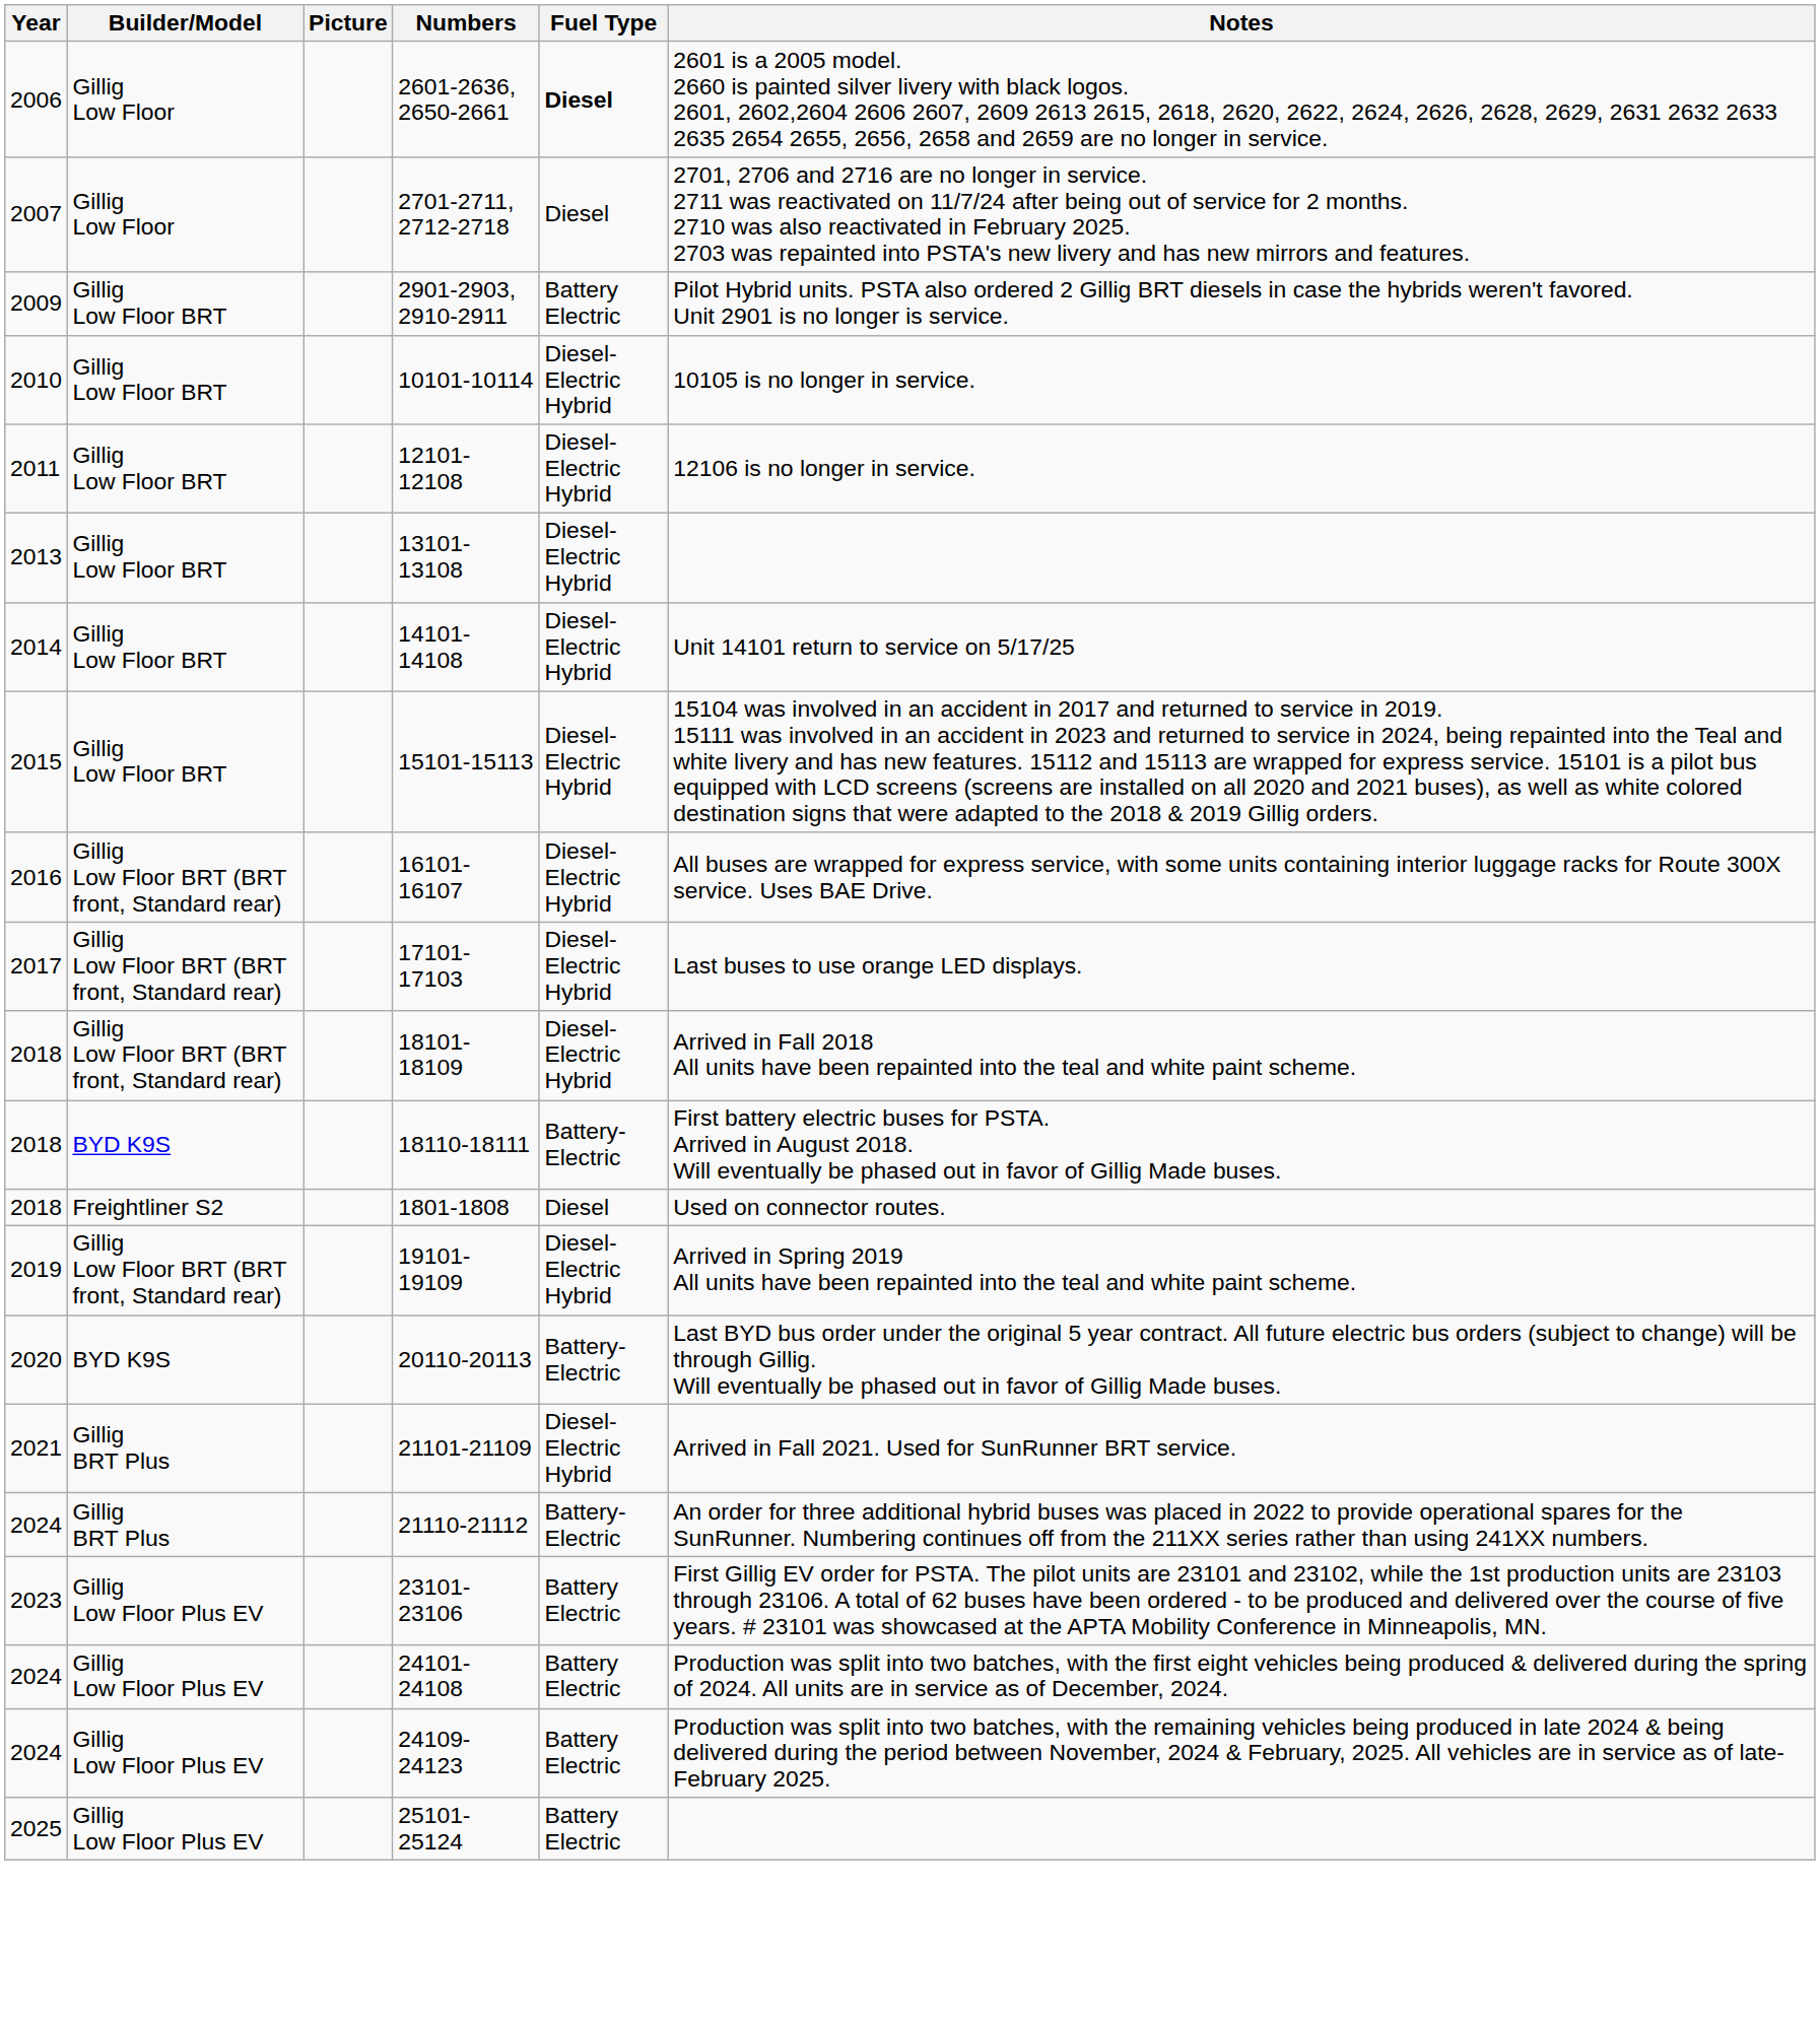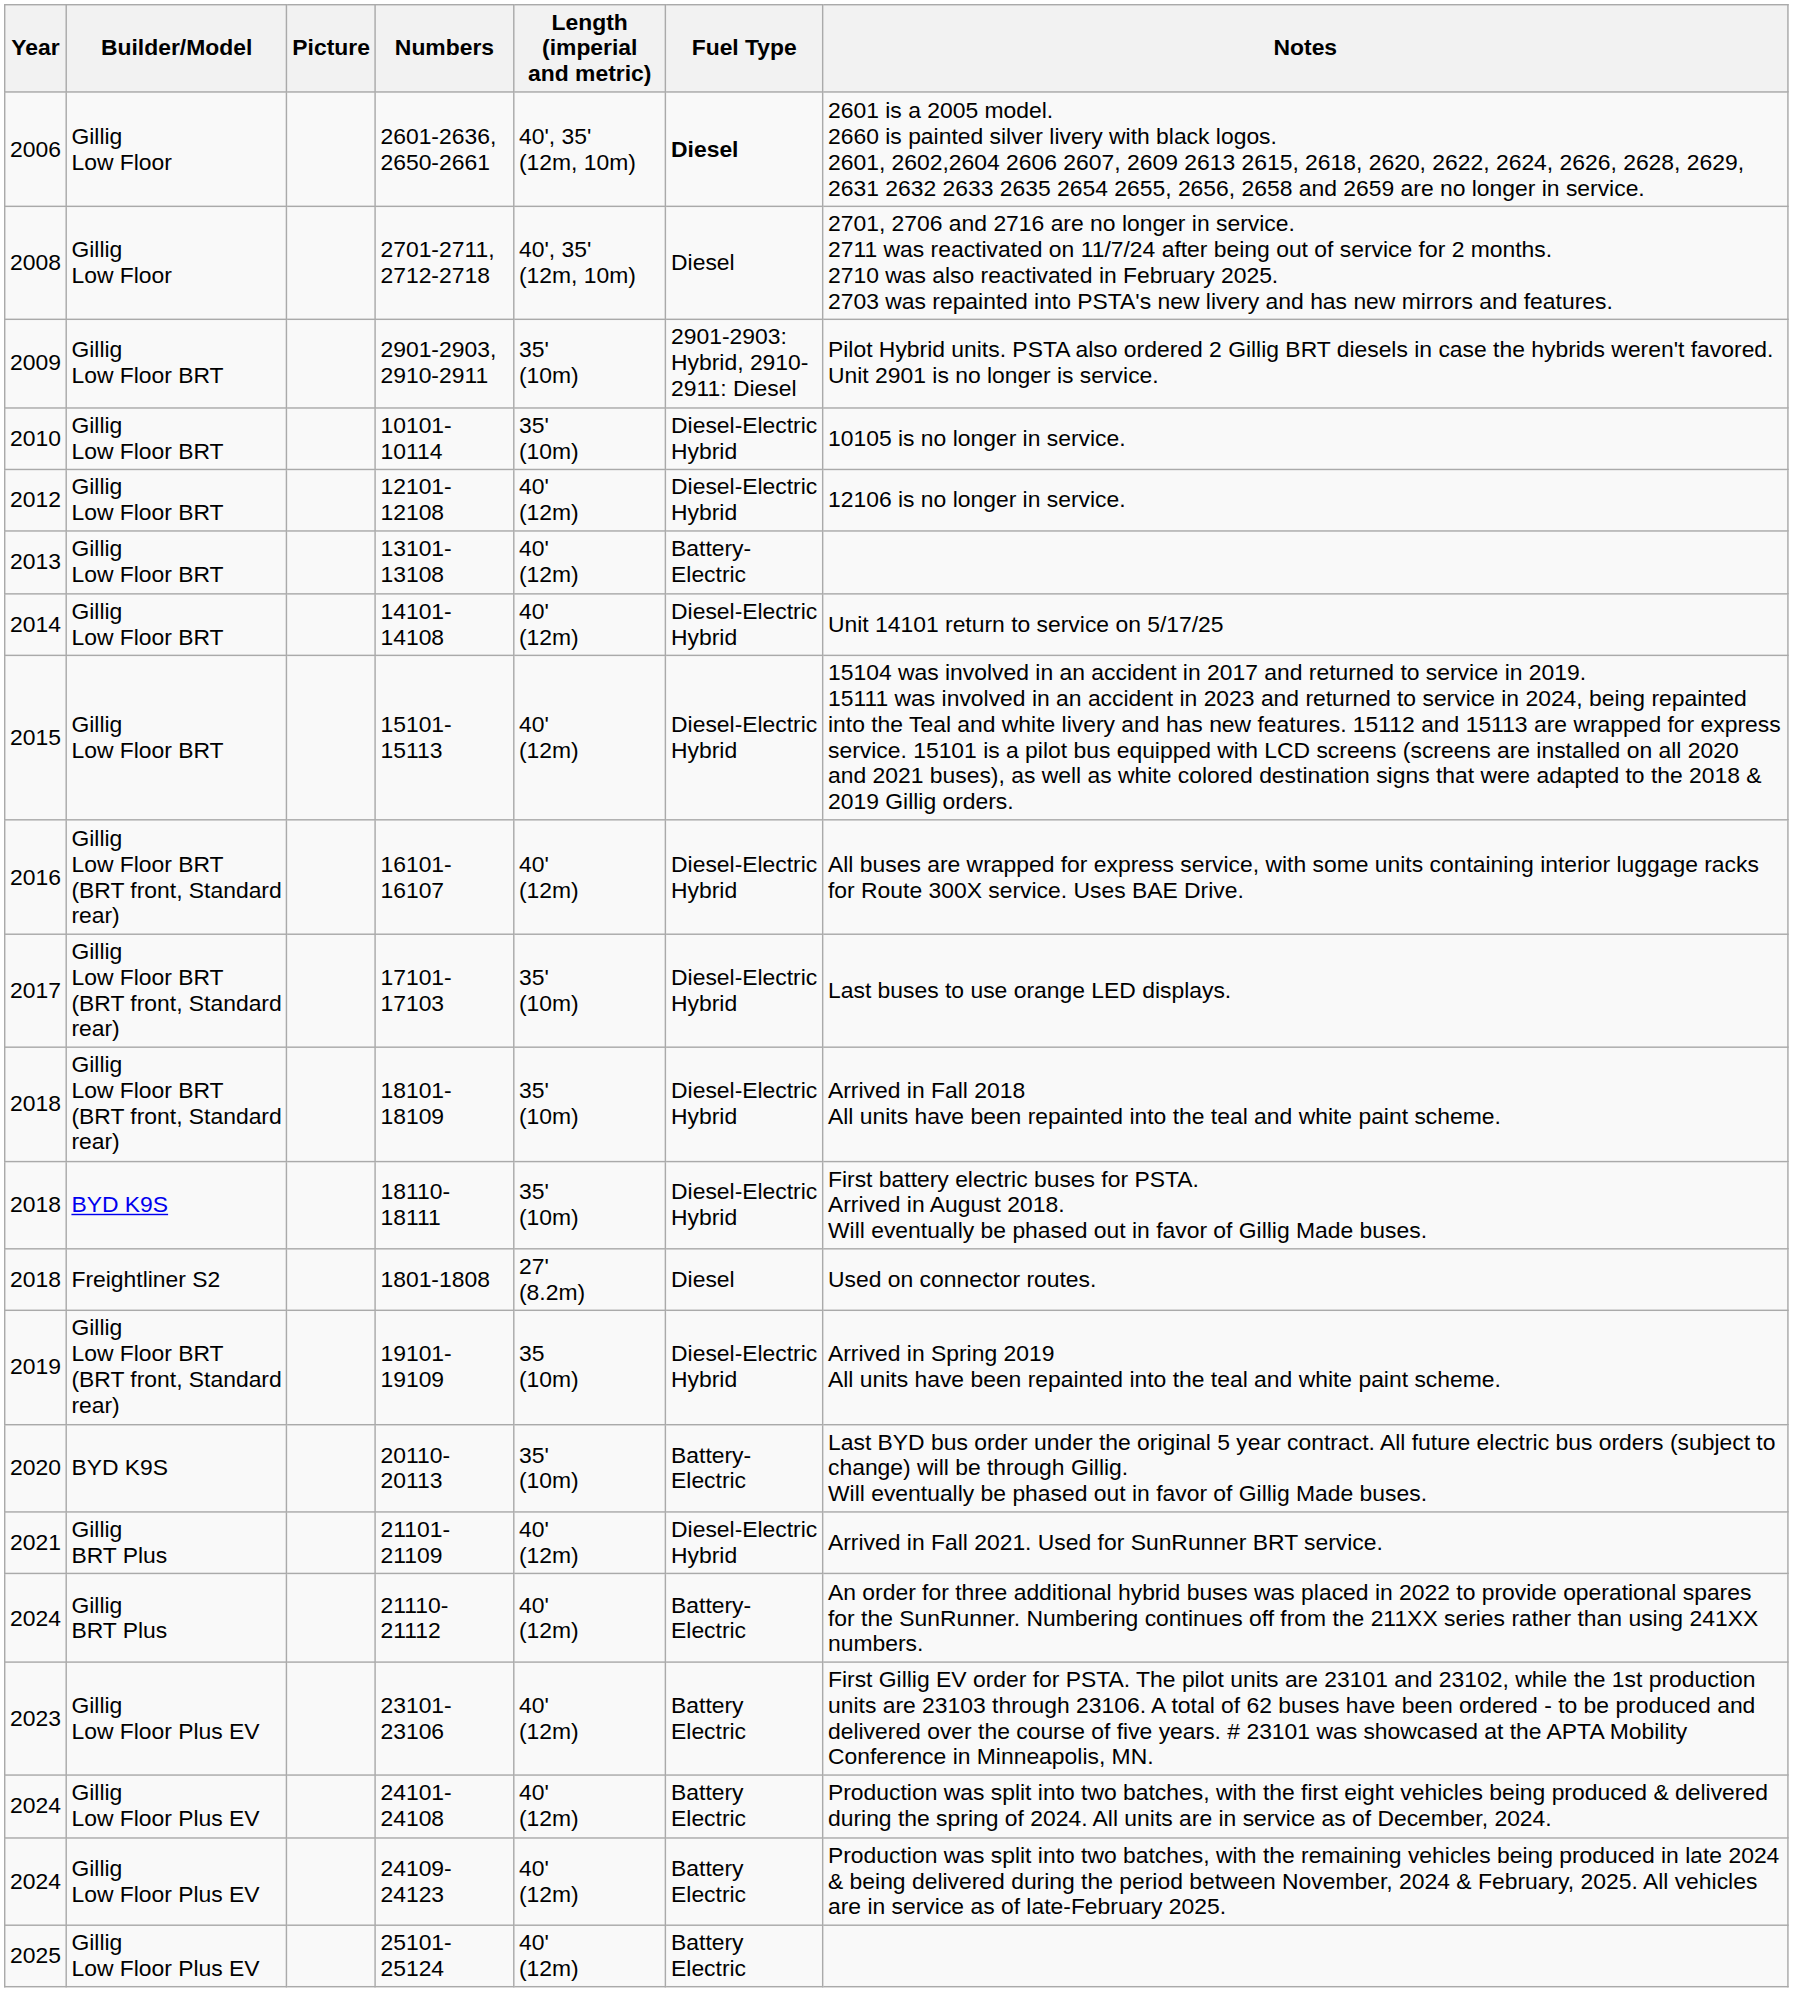 <table class="wikitable">
 <tr>
 <th><strong>Year</strong></th>
 <th><strong>Builder/Model</strong></th>
 <th><strong>Picture</strong></th>
 <th><strong>Numbers</strong></th>
+<th>Length (imperial and metric)</th>
 <th>Fuel Type</th>
 <th><strong>Notes</strong></th>
 </tr>
 <tr>
 <td>2006</td>
 <td>Gillig<br>Low Floor</td>
 <td></td>
 <td>2601-2636, 2650-2661</td>
+<td>40', 35'<br>(12m, 10m)</td>
 <td><strong>Diesel</strong></td>
 <td>2601 is a 2005 model.<br>2660 is painted silver livery with black logos.<br>2601, 2602,2604 2606 2607, 2609 2613 2615, 2618, 2620, 2622, 2624, 2626, 2628, 2629, 2631 2632 2633 2635 2654 2655, 2656, 2658 and 2659 are no longer in service.</td>
 </tr>
 <tr>
-<td>2007</td>
+<td>2008</td>
 <td>Gillig<br>Low Floor</td>
 <td> </td>
 <td>2701-2711, 2712-2718</td>
+<td>40', 35'<br>(12m, 10m)</td>
 <td>Diesel</td>
 <td>2701, 2706 and 2716 are no longer in service.<br>2711 was reactivated on 11/7/24 after being out of service for 2 months.<br>2710 was also reactivated in February 2025.<br>2703 was repainted into PSTA's new livery and has new mirrors and features.</td>
 </tr>
 <tr>
 <td>2009</td>
 <td>Gillig<br>Low Floor BRT</td>
 <td> </td>
 <td>2901-2903, 2910-2911</td>
-<td>Battery Electric</td>
+<td>35'<br>(10m)</td>
+<td>2901-2903: Hybrid, 2910-2911: Diesel</td>
 <td>Pilot Hybrid units. PSTA also ordered 2 Gillig BRT diesels in case the hybrids weren't favored.<br>Unit 2901 is no longer is service.</td>
 </tr>
 <tr>
 <td>2010</td>
 <td>Gillig<br>Low Floor BRT</td>
 <td></td>
 <td>10101-10114</td>
+<td>35'<br>(10m)</td>
 <td>Diesel-Electric Hybrid</td>
 <td>10105 is no longer in service.</td>
 </tr>
 <tr>
-<td>2011</td>
+<td>2012</td>
 <td>Gillig<br>Low Floor BRT</td>
 <td></td>
 <td>12101-12108</td>
+<td>40'<br>(12m)</td>
 <td>Diesel-Electric Hybrid</td>
 <td>12106 is no longer in service.</td>
 </tr>
 <tr>
 <td>2013</td>
 <td>Gillig<br>Low Floor BRT</td>
 <td></td>
 <td>13101-13108</td>
-<td>Diesel-Electric Hybrid</td>
+<td>40'<br>(12m)</td>
+<td>Battery-Electric</td>
 <td></td>
 </tr>
 <tr>
 <td>2014</td>
 <td>Gillig<br>Low Floor BRT</td>
 <td></td>
 <td>14101-14108</td>
+<td>40'<br>(12m)</td>
 <td>Diesel-Electric Hybrid</td>
 <td>Unit 14101 return to service on 5/17/25</td>
 </tr>
 <tr>
 <td>2015</td>
 <td>Gillig<br>Low Floor BRT</td>
 <td> </td>
 <td>15101-15113</td>
+<td>40'<br>(12m)</td>
 <td>Diesel-Electric Hybrid</td>
 <td>15104 was involved in an accident in 2017 and returned to service in 2019.<br>15111 was involved in an accident in 2023 and returned to service in 2024, being repainted into the Teal and white livery and has new features.  15112 and 15113 are wrapped for express service. 15101 is a pilot bus equipped with LCD screens (screens are installed on all 2020 and 2021 buses), as well as white colored destination signs that were adapted to the 2018 & 2019 Gillig orders.</td>
 </tr>
 <tr>
 <td>2016</td>
 <td>Gillig<br>Low Floor BRT (BRT front, Standard rear)</td>
 <td></td>
 <td>16101-16107</td>
+<td>40'<br>(12m)</td>
 <td>Diesel-Electric Hybrid</td>
 <td>All buses are wrapped for express service, with some units containing interior luggage racks for Route 300X service. Uses BAE Drive.</td>
 </tr>
 <tr>
 <td>2017</td>
 <td>Gillig<br>Low Floor BRT (BRT front, Standard rear)</td>
 <td></td>
 <td>17101-17103</td>
+<td>35'<br>(10m)</td>
 <td>Diesel-Electric Hybrid</td>
 <td>Last buses to use orange LED displays.</td>
 </tr>
 <tr>
 <td>2018</td>
 <td>Gillig<br>Low Floor BRT (BRT front, Standard rear)</td>
 <td></td>
 <td>18101-18109</td>
+<td>35'<br>(10m)</td>
 <td>Diesel-Electric Hybrid</td>
 <td>Arrived in Fall 2018<br>All units have been repainted into the teal and white paint scheme.</td>
 </tr>
 <tr>
 <td>2018</td>
 <td><a href='#'>BYD K9S</a></td>
 <td></td>
 <td>18110-18111</td>
-<td>Battery-Electric</td>
+<td>35'<br>(10m)</td>
+<td>Diesel-Electric Hybrid</td>
 <td>First battery electric buses for PSTA.<br>Arrived in August 2018.<br>Will eventually be phased out in favor of Gillig Made buses.</td>
 </tr>
 <tr>
 <td>2018</td>
 <td>Freightliner S2</td>
 <td><br></td>
 <td>1801-1808</td>
+<td>27'<br>(8.2m)</td>
 <td>Diesel</td>
 <td>Used on connector routes.</td>
 </tr>
 <tr>
 <td>2019</td>
 <td>Gillig<br>Low Floor BRT (BRT front, Standard rear)</td>
 <td></td>
 <td>19101-19109</td>
+<td>35<br>(10m)</td>
 <td>Diesel-Electric Hybrid</td>
 <td>Arrived in Spring 2019<br>All units have been repainted into the teal and white paint scheme.</td>
 </tr>
 <tr>
 <td>2020</td>
 <td>BYD K9S</td>
 <td></td>
 <td>20110-20113</td>
+<td>35'<br>(10m)</td>
 <td>Battery-Electric</td>
 <td>Last BYD bus order under the original 5 year contract. All future electric bus orders (subject to change) will be through Gillig.<br>Will eventually be phased out in favor of Gillig Made buses.</td>
 </tr>
 <tr>
 <td>2021</td>
 <td>Gillig<br>BRT Plus</td>
 <td></td>
 <td>21101-21109</td>
+<td>40'<br>(12m)</td>
 <td>Diesel-Electric Hybrid</td>
 <td>Arrived in Fall 2021. Used for SunRunner BRT service.</td>
 </tr>
 <tr>
 <td>2024</td>
 <td>Gillig<br>BRT Plus</td>
 <td></td>
 <td>21110-21112</td>
+<td>40'<br>(12m)</td>
 <td>Battery-Electric</td>
 <td>An order for three additional hybrid buses was placed in 2022 to provide operational spares for the SunRunner. Numbering continues off from the 211XX series rather than using 241XX numbers.</td>
 </tr>
 <tr>
 <td>2023</td>
 <td>Gillig<br>Low Floor Plus EV</td>
 <td></td>
 <td>23101-23106</td>
+<td>40'<br>(12m)</td>
 <td>Battery Electric</td>
 <td>First Gillig EV order for PSTA. The pilot units are 23101 and 23102, while the 1st production units are 23103 through 23106. A total of 62 buses have been ordered - to be produced and delivered over the course of five years. # 23101 was showcased at the APTA Mobility Conference in Minneapolis, MN.</td>
 </tr>
 <tr>
 <td>2024</td>
 <td>Gillig<br>Low Floor Plus EV</td>
 <td><br></td>
 <td>24101-24108</td>
+<td>40'<br>(12m)</td>
 <td>Battery Electric</td>
 <td>Production was split into two batches, with the first eight vehicles being produced & delivered during the spring of 2024. All units are in service as of December, 2024.</td>
 </tr>
 <tr>
 <td>2024</td>
 <td>Gillig<br>Low Floor Plus EV</td>
 <td></td>
 <td>24109-24123</td>
+<td>40'<br>(12m)</td>
 <td>Battery Electric</td>
 <td>Production was split into two batches, with the remaining vehicles being produced in late 2024 & being delivered during the period between November, 2024 & February, 2025. All vehicles are in service as of late-February 2025.</td>
 </tr>
 <tr>
 <td>2025</td>
 <td>Gillig<br>Low Floor Plus EV</td>
 <td></td>
 <td>25101-25124</td>
+<td>40'<br>(12m)</td>
 <td>Battery Electric</td>
 <td></td>
 </tr>
 </table>
